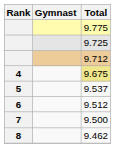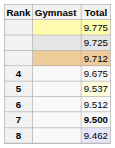 <table class="wikitable sortable" style="text-align:center; font-size:95%">
 <tr>
 <th scope=col>Rank</th>
 <th scope=col>Gymnast </th>
 <th scope=col>Total</th>
 </tr>
 <tr bgcolor=fffcaf>
 <th scope=row style="text-align:center"></th>
 <td align=left> </td>
 <td>9.775</td>
 </tr>
 <tr bgcolor=e5e5e5>
 <th scope=row style="text-align:center"></th>
 <td align=left> </td>
 <td>9.725</td>
 </tr>
 <tr bgcolor=eecc99>
 <th scope=row style="text-align:center"></th>
 <td align=left> </td>
 <td>9.712</td>
 </tr>
 <tr>
 <th scope=row style="text-align:center">4</th>
 <td align=left> </td>
-<td style="background: khaki;">9.675</td>
+<td>9.675</td>
 </tr>
 <tr>
 <th scope=row style="text-align:center">5</th>
 <td align=left> </td>
-<td>9.537</td>
+<td style="background: lightyellow;">9.537</td>
 </tr>
 <tr>
 <th scope=row style="text-align:center">6</th>
 <td align=left> </td>
 <td>9.512</td>
 </tr>
 <tr>
 <th scope=row style="text-align:center">7</th>
 <td align=left> </td>
-<td>9.500</td>
+<td><strong>9.500</strong></td>
 </tr>
 <tr>
 <th scope=row style="text-align:center">8</th>
 <td align=left> </td>
-<td>9.462</td>
+<td style="background: lavender;">9.462</td>
 </tr>
 <tr>
 </tr>
 </table>
